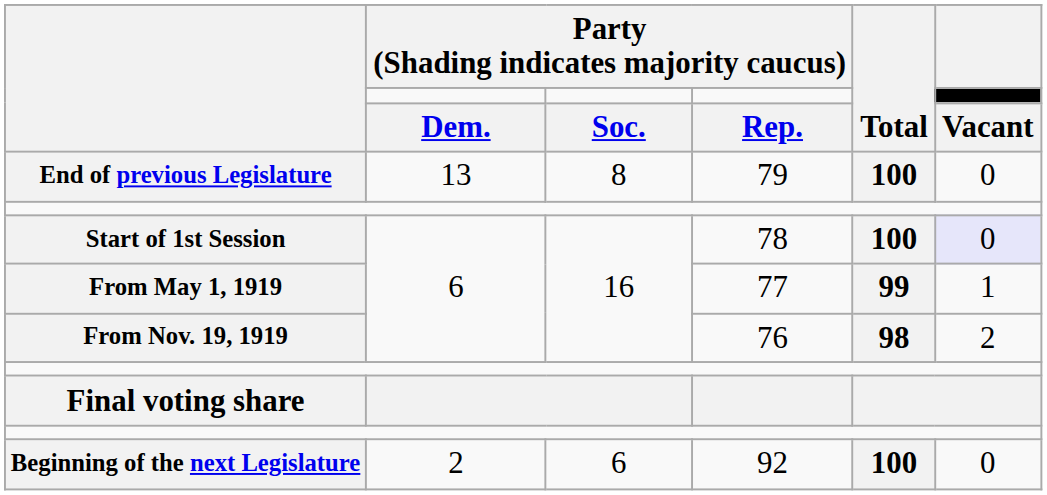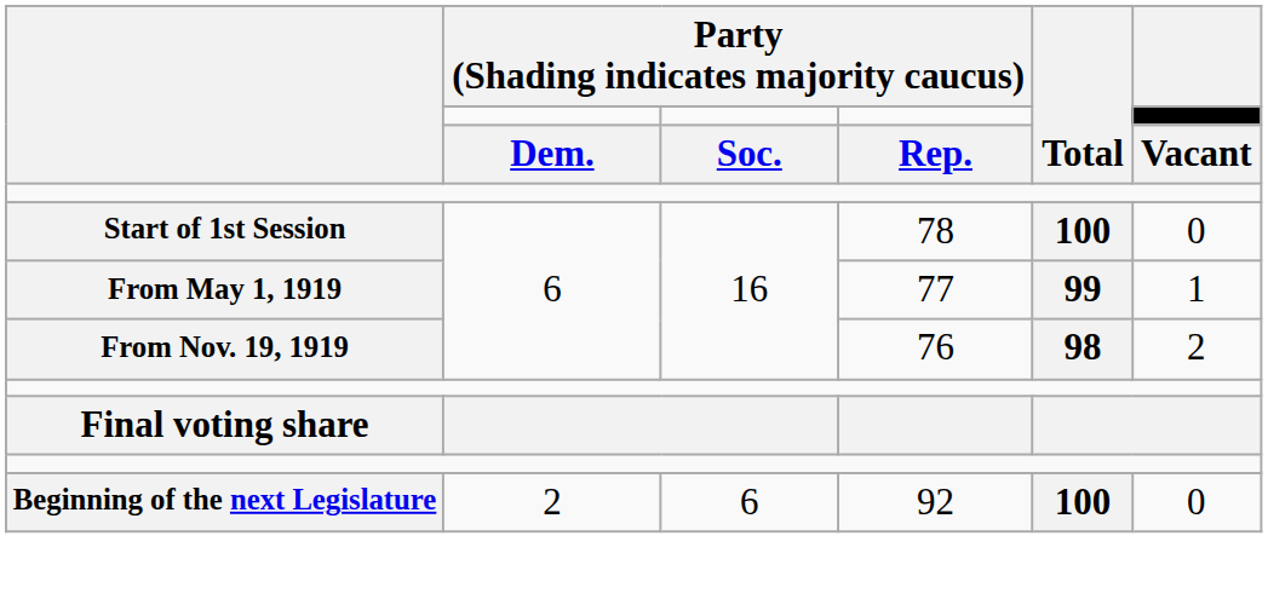 <table class=wikitable style="text-align:center">
 <tr style="vertical-align:bottom;">
 <th rowspan=3></th>
 <th colspan=3>Party <div>(Shading indicates majority caucus)</div></th>
 <th rowspan=3>Total</th>
 <th></th>
 </tr>
 <tr style="height:5px">
 <td style="background-color:"></td>
 <td style="background-color:"></td>
 <td style="background-color:"></td>
 <td style="background:black;"></td>
 </tr>
 <tr>
 <th><a href='#'>Dem.</a></th>
 <th><a href='#'>Soc.</a></th>
 <th><a href='#'>Rep.</a></th>
 <th>Vacant</th>
 </tr>
 <tr>
-<th style="font-size:80%;">End of <a href='#'>previous Legislature</a></th>
-<td>13</td>
-<td>8</td>
-<td>79</td>
-<th>100</th>
-<td>0</td>
-</tr>
-<tr>
 <td colspan=6></td>
 </tr>
 <tr>
 <th style="font-size:80%;">Start of 1st Session</th>
 <td rowspan="3">6</td>
 <td rowspan="3">16</td>
 <td>78</td>
 <th>100</th>
-<td style="background: lavender;">0</td>
+<td>0</td>
 </tr>
 <tr>
 <th style="font-size:80%;">From May 1, 1919</th>
 <td>77</td>
 <th>99</th>
 <td>1</td>
 </tr>
 <tr>
 <th style="font-size:80%;">From Nov. 19, 1919</th>
 <td>76</td>
 <th>98</th>
 <td>2</td>
 </tr>
 <tr>
 <td colspan=6></td>
 </tr>
 <tr>
 <th>Final voting share</th>
 <th colspan=2></th>
 <th></th>
 <th colspan=2></th>
 </tr>
 <tr>
 <td colspan=6></td>
 </tr>
 <tr>
 <th style="font-size:80%;">Beginning of the <a href='#'>next Legislature</a></th>
 <td>2</td>
 <td>6</td>
 <td>92</td>
 <th>100</th>
 <td>0</td>
 </tr>
 </table>
